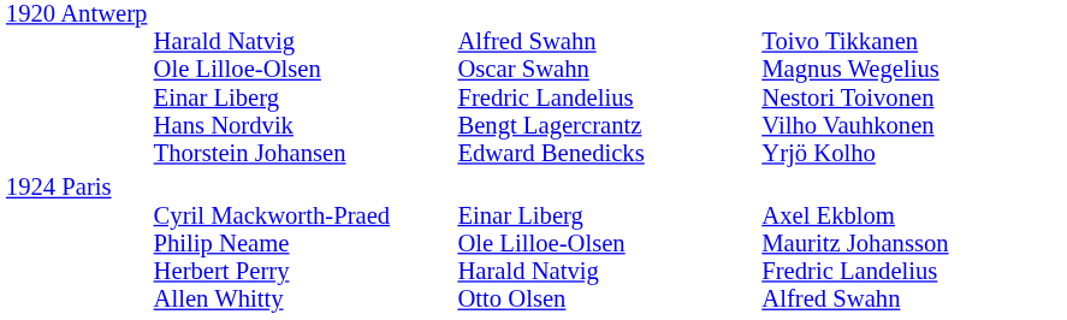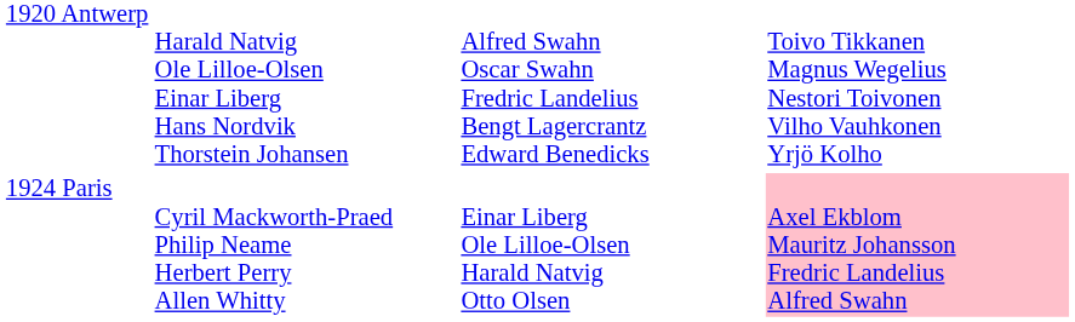 <table>
 <tr valign="top">
 <td><a href='#'>1920 Antwerp</a><br></td>
 <td><br><a href='#'>Harald Natvig</a><br><a href='#'>Ole Lilloe-Olsen</a><br><a href='#'>Einar Liberg</a><br><a href='#'>Hans Nordvik</a><br><a href='#'>Thorstein Johansen</a></td>
 <td><br><a href='#'>Alfred Swahn</a><br><a href='#'>Oscar Swahn</a><br><a href='#'>Fredric Landelius</a><br><a href='#'>Bengt Lagercrantz</a><br><a href='#'>Edward Benedicks</a></td>
 <td><br><a href='#'>Toivo Tikkanen</a><br><a href='#'>Magnus Wegelius</a><br><a href='#'>Nestori Toivonen</a><br><a href='#'>Vilho Vauhkonen</a><br><a href='#'>Yrjö Kolho</a></td>
 </tr>
 <tr valign="top">
 <td><a href='#'>1924 Paris</a><br></td>
 <td style="width:12em"><br><a href='#'>Cyril Mackworth-Praed</a><br><a href='#'>Philip Neame</a><br><a href='#'>Herbert Perry</a><br><a href='#'>Allen Whitty</a></td>
 <td style="width:12em"><br><a href='#'>Einar Liberg</a><br><a href='#'>Ole Lilloe-Olsen</a><br><a href='#'>Harald Natvig</a><br><a href='#'>Otto Olsen</a></td>
-<td style="width:12em"><br><a href='#'>Axel Ekblom</a><br><a href='#'>Mauritz Johansson</a><br><a href='#'>Fredric Landelius</a><br><a href='#'>Alfred Swahn</a></td>
+<td style="background: pink; width:12em"><br><a href='#'>Axel Ekblom</a><br><a href='#'>Mauritz Johansson</a><br><a href='#'>Fredric Landelius</a><br><a href='#'>Alfred Swahn</a></td>
 </tr>
 </table>
